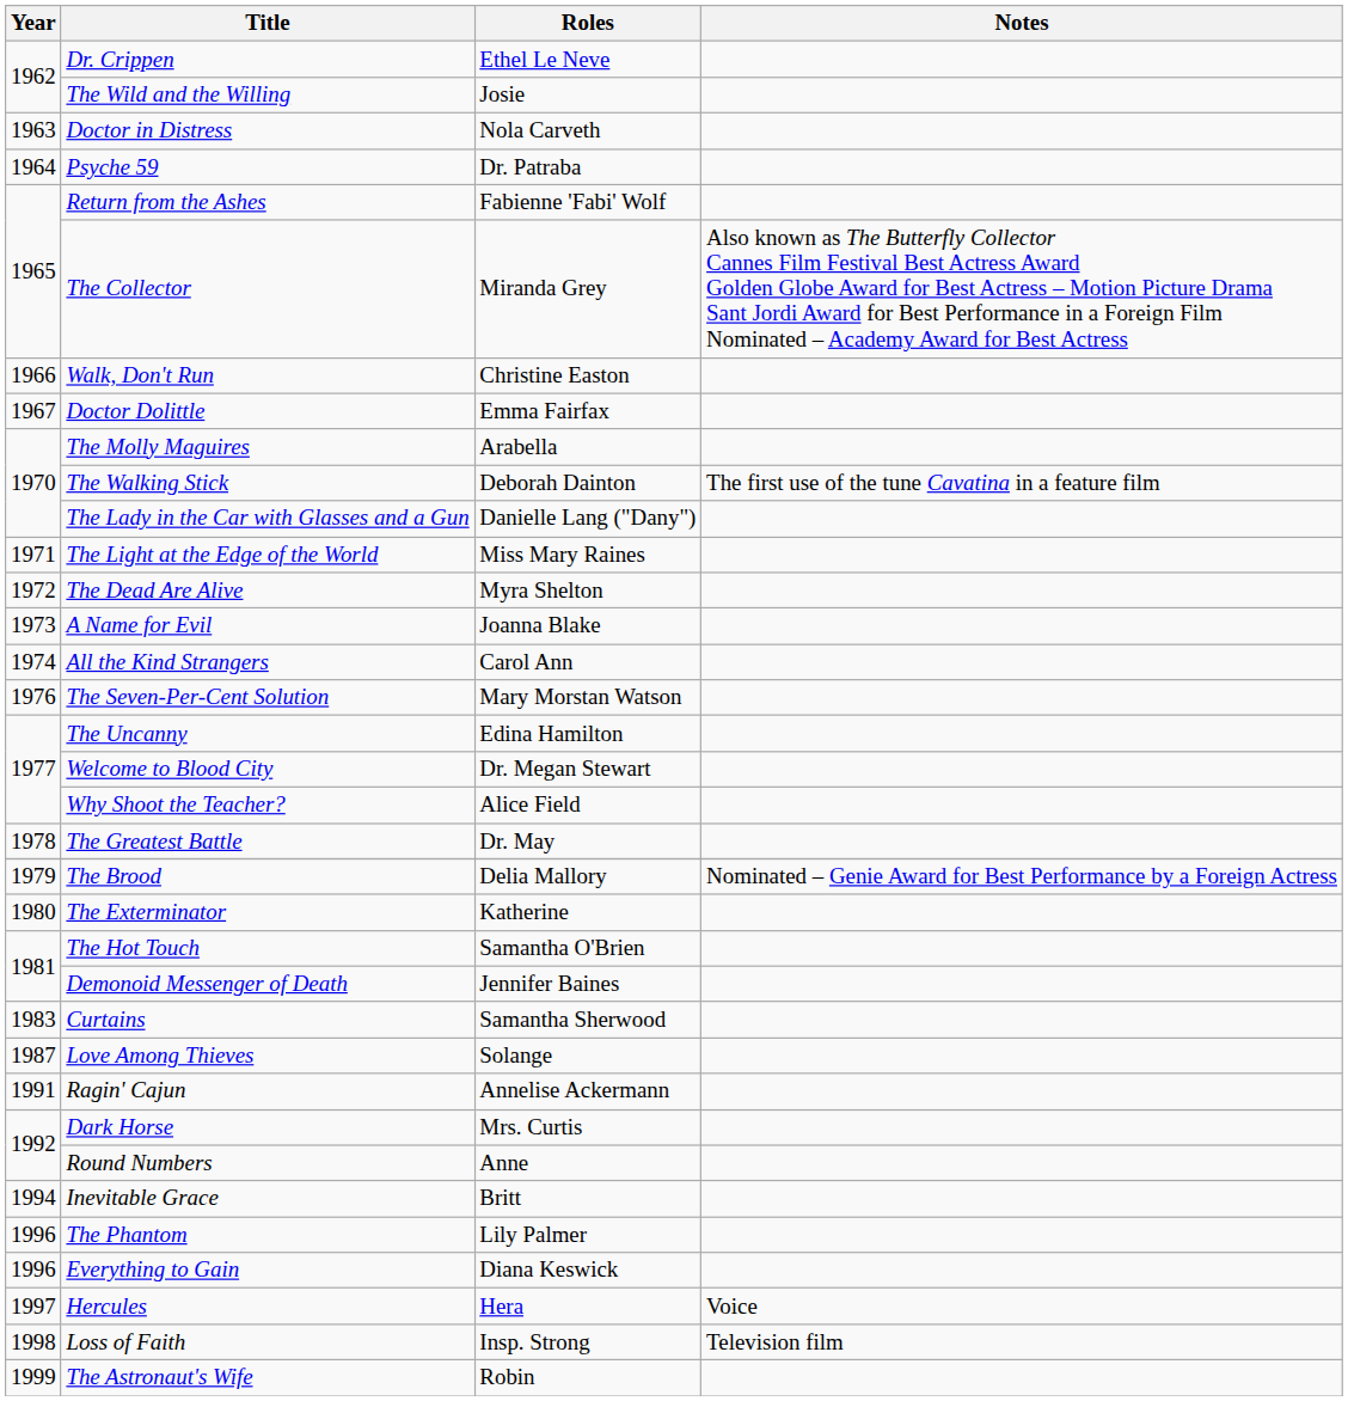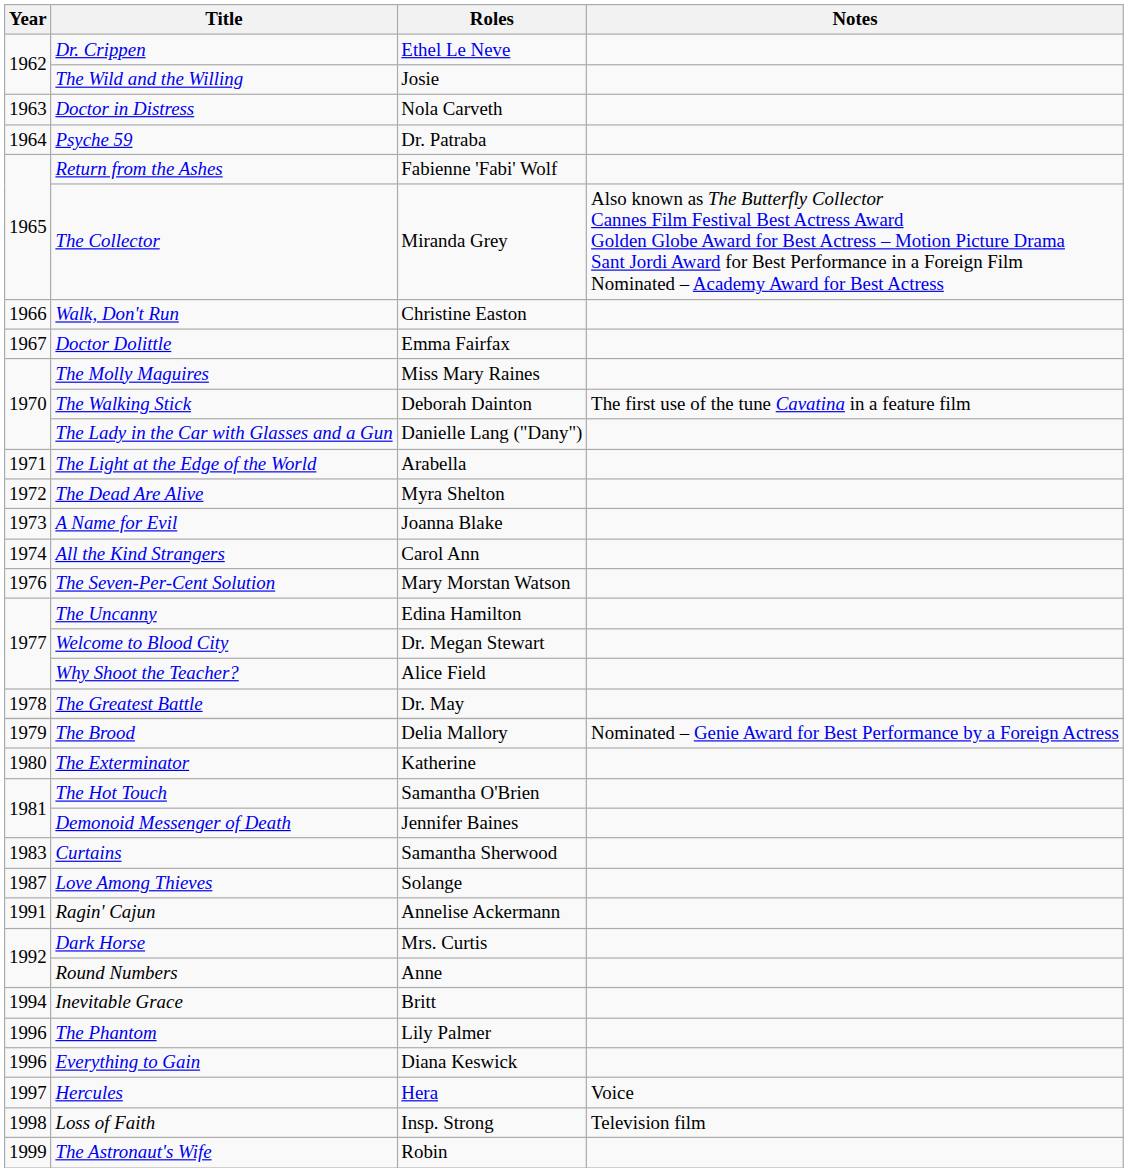 <table class="wikitable sortable">
 <tr>
 <th>Year</th>
 <th>Title</th>
 <th>Roles</th>
 <th class="unsortable">Notes</th>
 </tr>
 <tr>
 <td rowspan=2>1962</td>
 <td><em><a href='#'>Dr. Crippen</a></em></td>
 <td><a href='#'>Ethel Le Neve</a></td>
 <td></td>
 </tr>
 <tr>
 <td data-sort-value="Wild and the Willing, The"><em><a href='#'>The Wild and the Willing</a></em></td>
 <td>Josie</td>
 <td></td>
 </tr>
 <tr>
 <td>1963</td>
 <td><em><a href='#'>Doctor in Distress</a></em></td>
 <td>Nola Carveth</td>
 <td></td>
 </tr>
 <tr>
 <td>1964</td>
 <td><em><a href='#'>Psyche 59</a></em></td>
 <td>Dr. Patraba</td>
 <td></td>
 </tr>
 <tr>
 <td rowspan=2>1965</td>
 <td><em><a href='#'>Return from the Ashes</a></em></td>
 <td>Fabienne 'Fabi' Wolf</td>
 <td></td>
 </tr>
 <tr>
 <td data-sort-value="Collector, The"><em><a href='#'>The Collector</a></em></td>
 <td>Miranda Grey</td>
 <td>Also known as <em>The Butterfly Collector</em><br><a href='#'>Cannes Film Festival Best Actress Award</a><br><a href='#'>Golden Globe Award for Best Actress – Motion Picture Drama</a><br><a href='#'>Sant Jordi Award</a> for Best Performance in a Foreign Film<br>Nominated – <a href='#'>Academy Award for Best Actress</a></td>
 </tr>
 <tr>
 <td>1966</td>
 <td><em><a href='#'>Walk, Don't Run</a></em></td>
 <td>Christine Easton</td>
 <td></td>
 </tr>
 <tr>
 <td>1967</td>
 <td><em><a href='#'>Doctor Dolittle</a></em></td>
 <td>Emma Fairfax</td>
 <td></td>
 </tr>
 <tr>
 <td rowspan=3>1970</td>
 <td data-sort-value="Molly Maguires, The"><em><a href='#'>The Molly Maguires</a></em></td>
-<td>Arabella</td>
+<td>Miss Mary Raines</td>
 <td></td>
 </tr>
 <tr>
 <td data-sort-value="Walking Stick, The"><em><a href='#'>The Walking Stick</a></em></td>
 <td>Deborah Dainton</td>
 <td>The first use of the tune <em><a href='#'>Cavatina</a></em> in a feature film</td>
 </tr>
 <tr>
 <td data-sort-value="Lady in the Car with Glasses and a Gun, The"><em><a href='#'>The Lady in the Car with Glasses and a Gun</a></em></td>
 <td>Danielle Lang ("Dany")</td>
 <td></td>
 </tr>
 <tr>
 <td>1971</td>
 <td data-sort-value="Light at the Edge of the World, The"><em><a href='#'>The Light at the Edge of the World</a></em></td>
-<td>Miss Mary Raines</td>
+<td>Arabella</td>
 <td></td>
 </tr>
 <tr>
 <td>1972</td>
 <td data-sort-value="Dead Are Alive, The"><em><a href='#'>The Dead Are Alive</a></em></td>
 <td>Myra Shelton</td>
 <td></td>
 </tr>
 <tr>
 <td>1973</td>
 <td data-sort-value="Name for Evil, A"><em><a href='#'>A Name for Evil</a></em></td>
 <td>Joanna Blake</td>
 <td></td>
 </tr>
 <tr>
 <td>1974</td>
 <td><em><a href='#'>All the Kind Strangers</a></em></td>
 <td>Carol Ann</td>
 <td></td>
 </tr>
 <tr>
 <td>1976</td>
 <td data-sort-value="Seven-Per-Cent Solution, The"><em><a href='#'>The Seven-Per-Cent Solution</a></em></td>
 <td>Mary Morstan Watson</td>
 <td></td>
 </tr>
 <tr>
 <td rowspan=3>1977</td>
 <td data-sort-value="Uncanny, The"><em><a href='#'>The Uncanny</a></em></td>
 <td>Edina Hamilton</td>
 <td></td>
 </tr>
 <tr>
 <td><em><a href='#'>Welcome to Blood City</a></em></td>
 <td>Dr. Megan Stewart</td>
 <td></td>
 </tr>
 <tr>
 <td><em><a href='#'>Why Shoot the Teacher?</a></em></td>
 <td>Alice Field</td>
 <td></td>
 </tr>
 <tr>
 <td>1978</td>
 <td data-sort-value="Greatest Battle, The"><em><a href='#'>The Greatest Battle</a></em></td>
 <td>Dr. May</td>
 <td></td>
 </tr>
 <tr>
 </tr>
 <tr>
 <td>1979</td>
 <td data-sort-value="Brood, The"><em><a href='#'>The Brood</a></em></td>
 <td>Delia Mallory</td>
 <td>Nominated – <a href='#'>Genie Award for Best Performance by a Foreign Actress</a></td>
 </tr>
 <tr>
 <td>1980</td>
 <td data-sort-value="Exterminator, The"><em><a href='#'>The Exterminator</a></em></td>
 <td>Katherine</td>
 <td></td>
 </tr>
 <tr>
 <td rowspan=2>1981</td>
 <td data-sort-value="Hot Touch, The"><em><a href='#'>The Hot Touch</a></em></td>
 <td>Samantha O'Brien</td>
 <td></td>
 </tr>
 <tr>
 <td><a href='#'><em>Demonoid Messenger of Death</em></a></td>
 <td>Jennifer Baines</td>
 <td></td>
 </tr>
 <tr>
 <td>1983</td>
 <td><em><a href='#'>Curtains</a></em></td>
 <td>Samantha Sherwood</td>
 <td></td>
 </tr>
 <tr>
 <td>1987</td>
 <td><em><a href='#'>Love Among Thieves</a></em></td>
 <td>Solange</td>
 <td></td>
 </tr>
 <tr>
 <td>1991</td>
 <td><em>Ragin' Cajun</em></td>
 <td>Annelise Ackermann</td>
 <td></td>
 </tr>
 <tr>
 <td rowspan=2>1992</td>
 <td><em><a href='#'>Dark Horse</a></em></td>
 <td>Mrs. Curtis</td>
 <td></td>
 </tr>
 <tr>
 <td><em>Round Numbers</em></td>
 <td>Anne</td>
 <td></td>
 </tr>
 <tr>
 <td>1994</td>
 <td><em>Inevitable Grace</em></td>
 <td>Britt</td>
 <td></td>
 </tr>
 <tr>
 <td>1996</td>
 <td data-sort-value="Phantom, The"><em><a href='#'>The Phantom</a></em></td>
 <td>Lily Palmer</td>
 <td></td>
 </tr>
 <tr>
 <td>1996</td>
 <td><em><a href='#'>Everything to Gain</a></em></td>
 <td>Diana Keswick</td>
 <td></td>
 </tr>
 <tr>
 <td>1997</td>
 <td><em><a href='#'>Hercules</a></em></td>
 <td><a href='#'>Hera</a></td>
 <td>Voice</td>
 </tr>
 <tr>
 <td>1998</td>
 <td><em>Loss of Faith</em></td>
 <td>Insp. Strong</td>
 <td>Television film</td>
 </tr>
 <tr>
 <td>1999</td>
 <td data-sort-value="Astronaut's Wife, The"><em><a href='#'>The Astronaut's Wife</a></em></td>
 <td>Robin</td>
 <td></td>
 </tr>
 </table>
